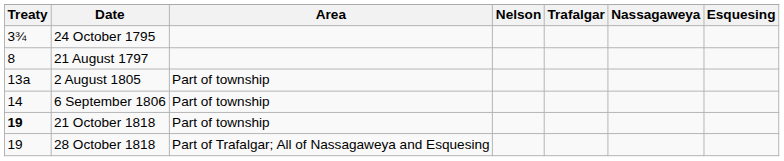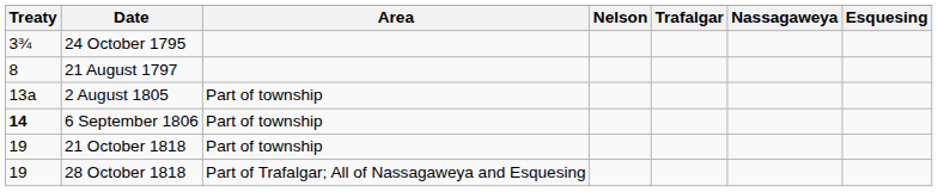 <table class = "wikitable" style="text-align:center">
 <tr>
 </tr>
 <tr>
 <th>Treaty</th>
 <th>Date</th>
 <th>Area</th>
 <th>Nelson</th>
 <th>Trafalgar</th>
 <th>Nassagaweya</th>
 <th>Esquesing</th>
 </tr>
 <tr valign = "top">
 <td style="text-align:left">3¾</td>
 <td style="text-align:left">24 October 1795</td>
 <td style="text-align:left"></td>
 <td></td>
 <td></td>
 <td></td>
 <td></td>
 </tr>
 <tr valign = "top">
 <td style="text-align:left">8</td>
 <td style="text-align:left">21 August 1797</td>
 <td style="text-align:left"></td>
 <td></td>
 <td></td>
 <td></td>
 <td></td>
 </tr>
 <tr valign = "top">
 <td style="text-align:left">13a</td>
 <td style="text-align:left">2 August 1805</td>
 <td style="text-align:left">Part of township</td>
 <td></td>
 <td></td>
 <td></td>
 <td></td>
 </tr>
 <tr valign = "top">
-<td style="text-align:left">14</td>
+<td style="text-align:left"><strong>14</strong></td>
 <td style="text-align:left">6 September 1806</td>
 <td style="text-align:left">Part of township</td>
 <td></td>
 <td></td>
 <td></td>
 <td></td>
 </tr>
 <tr valign = "top">
-<td style="text-align:left"><strong>19</strong></td>
+<td style="text-align:left">19</td>
 <td style="text-align:left">21 October 1818</td>
 <td style="text-align:left">Part of township</td>
 <td></td>
 <td></td>
 <td></td>
 <td></td>
 </tr>
 <tr valign = "top">
 <td style="text-align:left">19</td>
 <td style="text-align:left">28 October 1818</td>
 <td style="text-align:left">Part of Trafalgar; All of Nassagaweya and Esquesing</td>
 <td></td>
 <td></td>
 <td></td>
 <td></td>
 </tr>
 </table>
